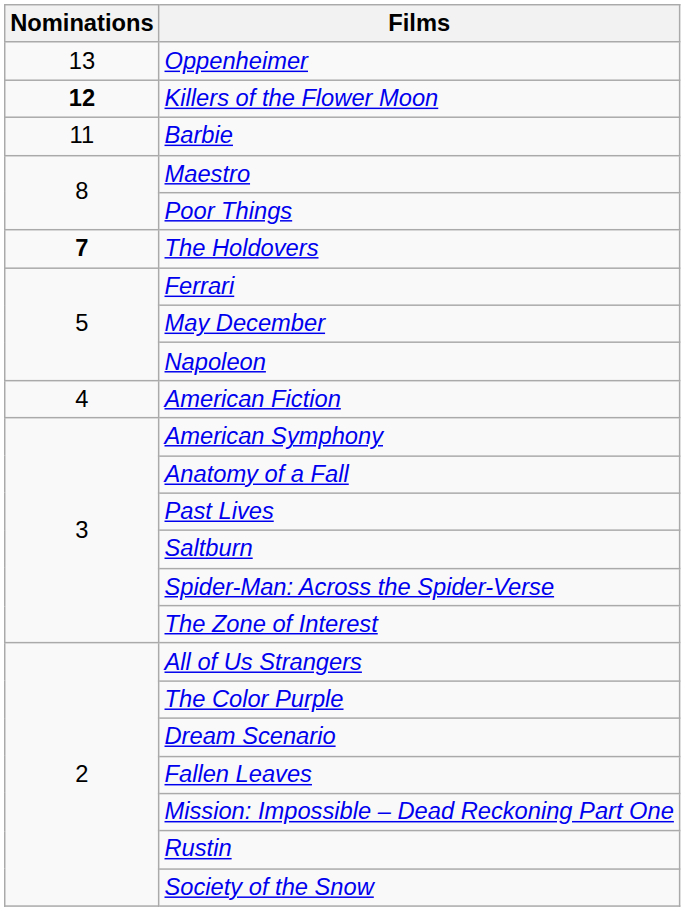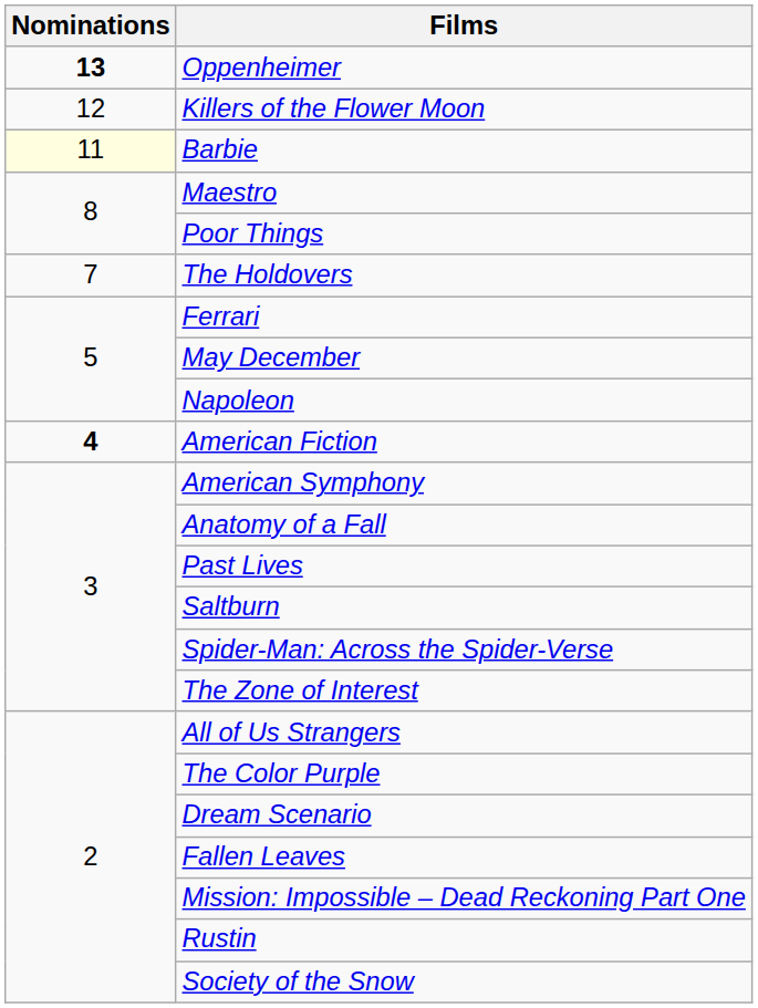 <table class="wikitable">
 <tr>
 <th>Nominations</th>
 <th>Films</th>
 </tr>
 <tr>
-<td style="text-align:center">13</td>
+<td style="text-align:center"><strong>13</strong></td>
 <td><em><a href='#'>Oppenheimer</a></em></td>
 </tr>
 <tr>
-<td style="text-align:center"><strong>12</strong></td>
+<td style="text-align:center">12</td>
 <td><em><a href='#'>Killers of the Flower Moon</a></em></td>
 </tr>
 <tr>
-<td style="text-align:center">11</td>
+<td style="background: lightyellow; text-align:center">11</td>
 <td><em><a href='#'>Barbie</a></em></td>
 </tr>
 <tr>
 <td rowspan="2" style="text-align:center">8</td>
 <td><em><a href='#'>Maestro</a></em></td>
 </tr>
 <tr>
 <td><em><a href='#'>Poor Things</a></em></td>
 </tr>
 <tr>
-<td style="text-align:center"><strong>7</strong></td>
+<td style="text-align:center">7</td>
 <td><em><a href='#'>The Holdovers</a></em></td>
 </tr>
 <tr>
 <td rowspan="3" style="text-align:center">5</td>
 <td><em><a href='#'>Ferrari</a></em></td>
 </tr>
 <tr>
 <td><em><a href='#'>May December</a></em></td>
 </tr>
 <tr>
 <td><em><a href='#'>Napoleon</a></em></td>
 </tr>
 <tr>
-<td style="text-align:center">4</td>
+<td style="text-align:center"><strong>4</strong></td>
 <td><em><a href='#'>American Fiction</a></em></td>
 </tr>
 <tr>
 <td rowspan="6" style="text-align:center">3</td>
 <td><em><a href='#'>American Symphony</a></em></td>
 </tr>
 <tr>
 <td><em><a href='#'>Anatomy of a Fall</a></em></td>
 </tr>
 <tr>
 <td><em><a href='#'>Past Lives</a></em></td>
 </tr>
 <tr>
 <td><em><a href='#'>Saltburn</a></em></td>
 </tr>
 <tr>
 <td><em><a href='#'>Spider-Man: Across the Spider-Verse</a></em></td>
 </tr>
 <tr>
 <td><em><a href='#'>The Zone of Interest</a></em></td>
 </tr>
 <tr>
 <td rowspan="7" style="text-align:center">2</td>
 <td><em><a href='#'>All of Us Strangers</a></em></td>
 </tr>
 <tr>
 <td><em><a href='#'>The Color Purple</a></em></td>
 </tr>
 <tr>
 <td><em><a href='#'>Dream Scenario</a></em></td>
 </tr>
 <tr>
 <td><em><a href='#'>Fallen Leaves</a></em></td>
 </tr>
 <tr>
 <td><em><a href='#'>Mission: Impossible – Dead Reckoning Part One</a></em></td>
 </tr>
 <tr>
 <td><em><a href='#'>Rustin</a></em></td>
 </tr>
 <tr>
 <td><em><a href='#'>Society of the Snow</a></em></td>
 </tr>
 </table>
